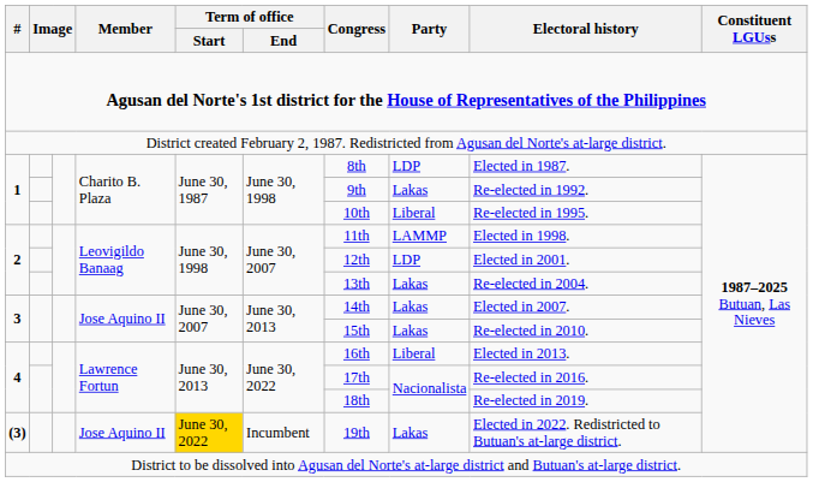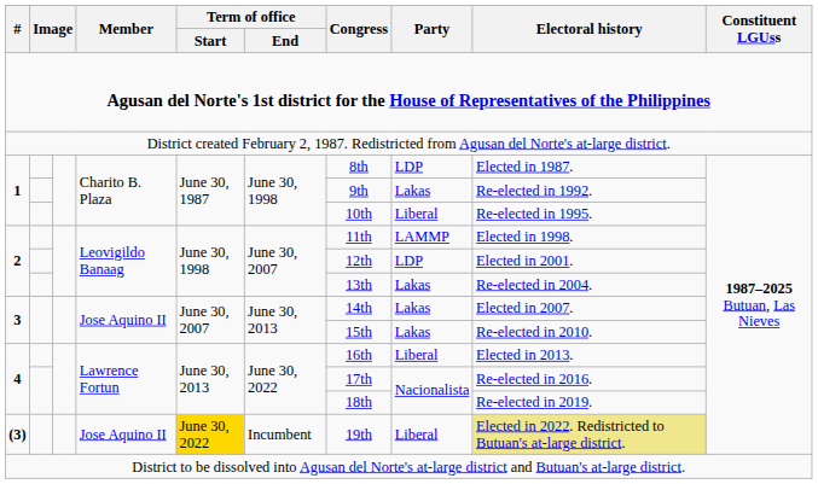 <table class=wikitable>
 <tr>
 <th rowspan="2">#</th>
 <th rowspan="2" colspan=2>Image</th>
 <th rowspan="2">Member</th>
 <th colspan=2>Term of office</th>
 <th rowspan="2">Congress</th>
 <th rowspan="2">Party</th>
 <th rowspan="2">Electoral history</th>
 <th rowspan="2">Constituent<br><a href='#'>LGUs</a>s</th>
 </tr>
 <tr>
 <th>Start</th>
 <th>End</th>
 </tr>
 <tr>
 <td colspan="10" style="text-align:center;"><br><h3>Agusan del Norte's 1st district for the <a href='#'>House of Representatives of the Philippines</a></h3></td>
 </tr>
 <tr>
 <td colspan="10" style="text-align:center;">District created February 2, 1987. Redistricted from <a href='#'>Agusan del Norte's at-large district</a>.</td>
 </tr>
 <tr>
 <td rowspan="3" style="text-align:center;"><strong>1</strong></td>
 <td style="color:inherit;background:"></td>
 <td rowspan="3"></td>
 <td rowspan="3">Charito B. Plaza</td>
 <td rowspan="3">June 30, 1987</td>
 <td rowspan="3">June 30, 1998</td>
 <td style="text-align:center;"><a href='#'>8th</a></td>
 <td><a href='#'>LDP</a></td>
 <td><a href='#'>Elected in 1987</a>.</td>
 <td rowspan=12 style="text-align:center;"><strong>1987–2025</strong><br><a href='#'>Butuan</a>, <a href='#'>Las Nieves</a></td>
 </tr>
 <tr>
 <td style="color:inherit;background:"></td>
 <td style="text-align:center;"><a href='#'>9th</a></td>
 <td><a href='#'>Lakas</a></td>
 <td><a href='#'>Re-elected in 1992</a>.</td>
 </tr>
 <tr>
 <td style="color:inherit;background:"></td>
 <td style="text-align:center;"><a href='#'>10th</a></td>
 <td><a href='#'>Liberal</a></td>
 <td><a href='#'>Re-elected in 1995</a>.</td>
 </tr>
 <tr>
 <td rowspan="3" style="text-align:center;"><strong>2</strong></td>
 <td style="color:inherit;background:"></td>
 <td rowspan="3"></td>
 <td rowspan="3"><a href='#'>Leovigildo Banaag</a></td>
 <td rowspan="3">June 30, 1998</td>
 <td rowspan="3">June 30, 2007</td>
 <td style="text-align:center;"><a href='#'>11th</a></td>
 <td><a href='#'>LAMMP</a></td>
 <td><a href='#'>Elected in 1998</a>.</td>
 </tr>
 <tr>
 <td style="color:inherit;background:"></td>
 <td style="text-align:center;"><a href='#'>12th</a></td>
 <td><a href='#'>LDP</a></td>
 <td><a href='#'>Elected in 2001</a>.</td>
 </tr>
 <tr>
 <td style="color:inherit;background:"></td>
 <td style="text-align:center;"><a href='#'>13th</a></td>
 <td><a href='#'>Lakas</a></td>
 <td><a href='#'>Re-elected in 2004</a>.</td>
 </tr>
 <tr>
 <td rowspan="2" style="text-align:center;"><strong>3</strong></td>
 <td rowspan="2" style="color:inherit;background:"></td>
 <td rowspan="2"></td>
 <td rowspan="2"><a href='#'>Jose Aquino II</a></td>
 <td rowspan="2">June 30, 2007</td>
 <td rowspan="2">June 30, 2013</td>
 <td style="text-align:center;"><a href='#'>14th</a></td>
 <td><a href='#'>Lakas</a></td>
 <td><a href='#'>Elected in 2007</a>.</td>
 </tr>
 <tr>
 <td style="text-align:center;"><a href='#'>15th</a></td>
 <td><a href='#'>Lakas</a></td>
 <td><a href='#'>Re-elected in 2010</a>.</td>
 </tr>
 <tr>
 <td rowspan="3" style="text-align:center;"><strong>4</strong></td>
 <td style="color:inherit;background:"></td>
 <td rowspan="3"></td>
 <td rowspan="3"><a href='#'>Lawrence Fortun</a></td>
 <td rowspan="3">June 30, 2013</td>
 <td rowspan="3">June 30, 2022</td>
 <td style="text-align:center;"><a href='#'>16th</a></td>
 <td><a href='#'>Liberal</a></td>
 <td><a href='#'>Elected in 2013</a>.</td>
 </tr>
 <tr>
 <td rowspan="2" style="color:inherit;background:"></td>
 <td style="text-align:center;"><a href='#'>17th</a></td>
 <td rowspan="2"><a href='#'>Nacionalista</a></td>
 <td><a href='#'>Re-elected in 2016</a>.</td>
 </tr>
 <tr>
 <td style="text-align:center;"><a href='#'>18th</a></td>
 <td><a href='#'>Re-elected in 2019</a>.</td>
 </tr>
 <tr>
 <td style="text-align:center;"><strong>(3)</strong></td>
 <td style="color:inherit;background:"></td>
 <td></td>
 <td><a href='#'>Jose Aquino II</a></td>
 <td style="background: gold;">June 30, 2022</td>
 <td>Incumbent </td>
 <td style="text-align:center;"><a href='#'>19th</a></td>
-<td><a href='#'>Lakas</a></td>
-<td><a href='#'>Elected in 2022</a>. Redistricted to <a href='#'>Butuan's at-large district</a>.</td>
+<td><a href='#'>Liberal</a></td>
+<td style="background: khaki;"><a href='#'>Elected in 2022</a>. Redistricted to <a href='#'>Butuan's at-large district</a>.</td>
 </tr>
 <tr>
 <td colspan="10" style="text-align:center;">District to be dissolved into <a href='#'>Agusan del Norte's at-large district</a> and <a href='#'>Butuan's at-large district</a>.</td>
 </tr>
 </table>
